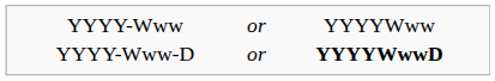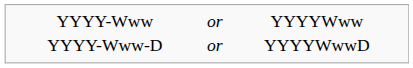 <table class="infobox" style="text-align:center; width:23em">
 <tr>
 <td>YYYY-Www</td>
 <td><em>or</em></td>
 <td>YYYYWww</td>
 </tr>
 <tr>
 <td>YYYY-Www-D</td>
 <td><em>or</em></td>
-<td><strong>YYYYWwwD</strong></td>
+<td>YYYYWwwD</td>
 </tr>
 </table>
